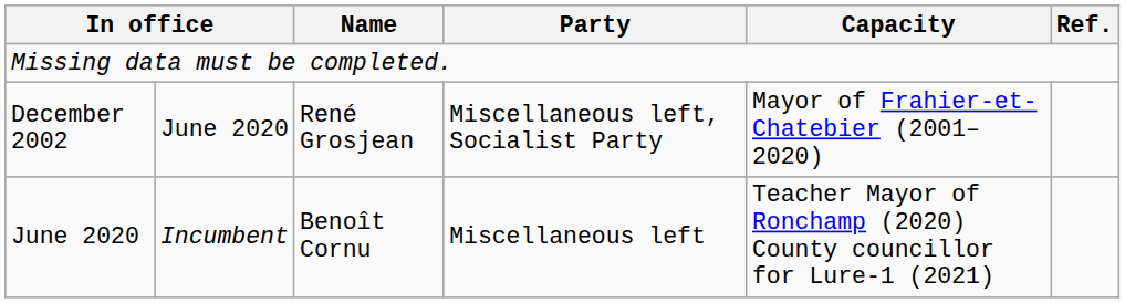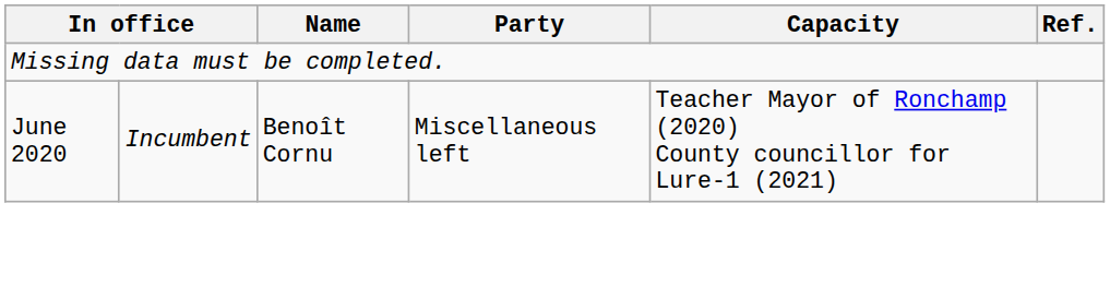 <table class="wikitable">
 <tr>
 <th colspan="2">In office</th>
 <th>Name</th>
 <th>Party</th>
 <th>Capacity</th>
 <th>Ref.</th>
 </tr>
 <tr>
 <td colspan="6"><em>Missing data must be completed.</em></td>
 </tr>
 <tr>
-<td>December 2002</td>
-<td>June 2020</td>
-<td>René Grosjean</td>
-<td>Miscellaneous left, Socialist Party</td>
-<td>Mayor of <a href='#'>Frahier-et-Chatebier</a> (2001–2020)</td>
-<td></td>
-</tr>
-<tr>
 <td>June 2020</td>
 <td><em>Incumbent</em></td>
 <td>Benoît Cornu</td>
 <td>Miscellaneous left</td>
 <td>Teacher Mayor of <a href='#'>Ronchamp</a> (2020)<br>County councillor for Lure-1 (2021)</td>
 <td></td>
 </tr>
 </table>
